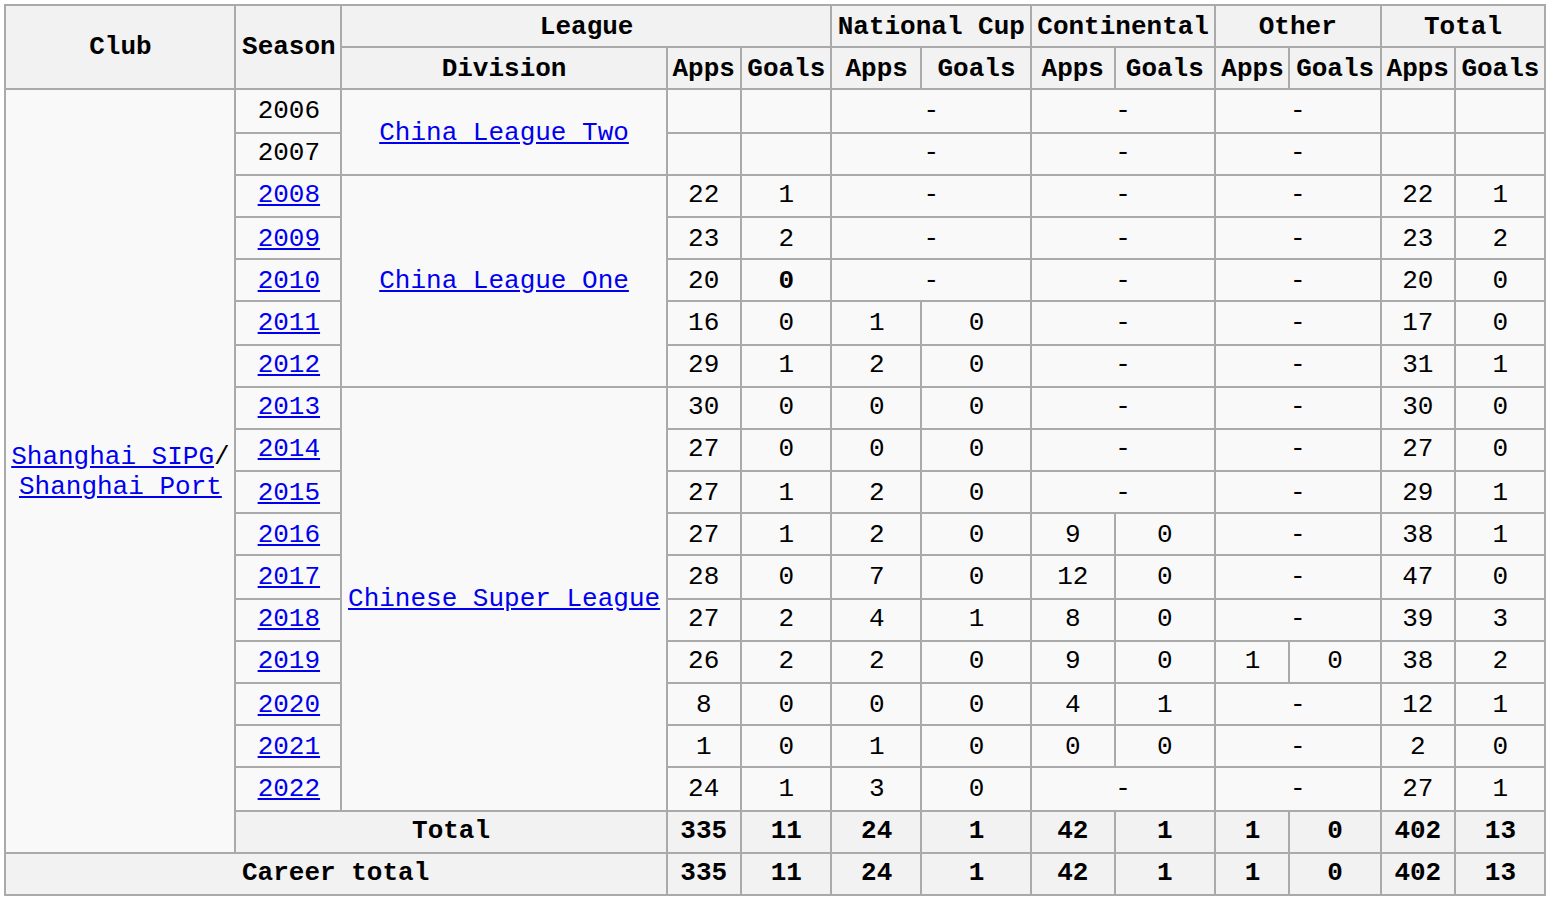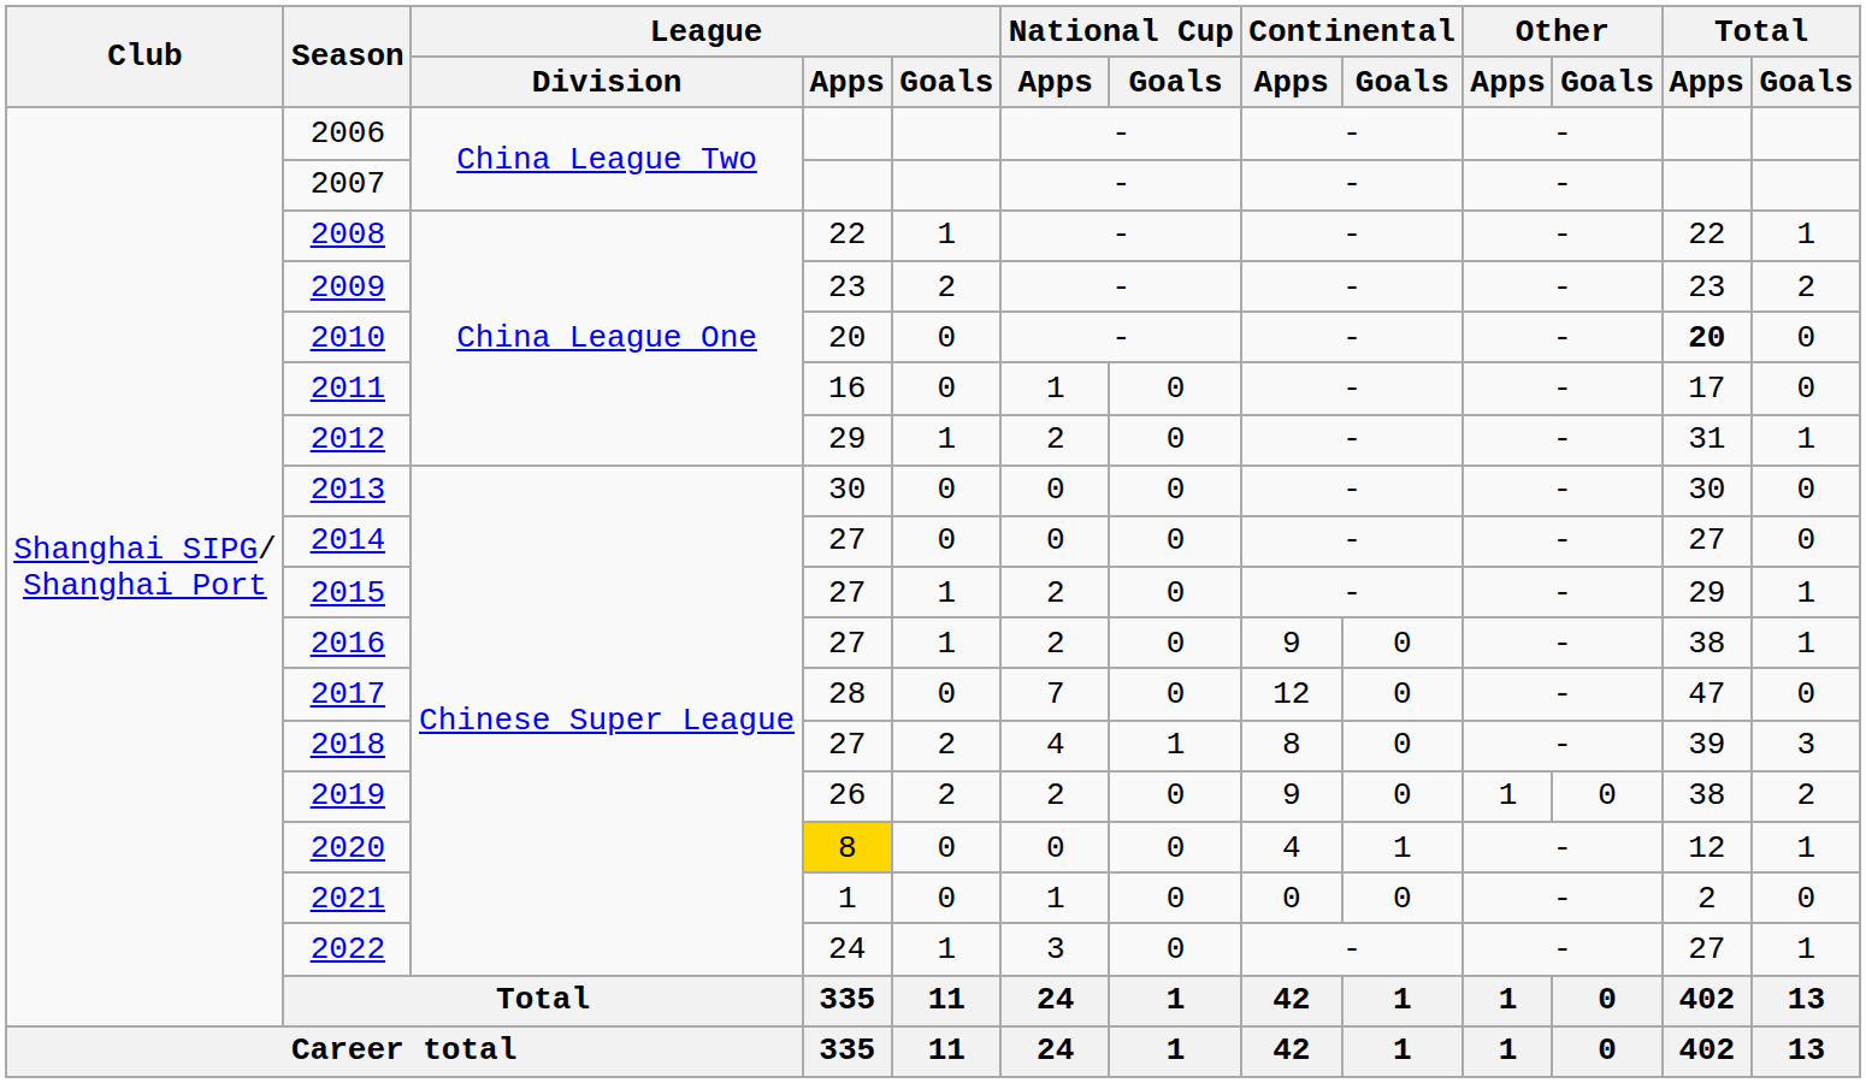 <table class="wikitable" style="text-align: center">
 <tr>
 <th rowspan="2">Club</th>
 <th rowspan="2">Season</th>
 <th colspan="3">League</th>
 <th colspan="2">National Cup</th>
 <th colspan="2">Continental</th>
 <th colspan="2">Other</th>
 <th colspan="2">Total</th>
 </tr>
 <tr>
 <th>Division</th>
 <th>Apps</th>
 <th>Goals</th>
 <th>Apps</th>
 <th>Goals</th>
 <th>Apps</th>
 <th>Goals</th>
 <th>Apps</th>
 <th>Goals</th>
 <th>Apps</th>
 <th>Goals</th>
 </tr>
 <tr>
 <td rowspan=18><a href='#'>Shanghai SIPG</a>/<br><a href='#'>Shanghai Port</a></td>
 <td>2006</td>
 <td rowspan="2"><a href='#'>China League Two</a></td>
 <td></td>
 <td></td>
 <td colspan="2">-</td>
 <td colspan="2">-</td>
 <td colspan="2">-</td>
 <td></td>
 <td></td>
 </tr>
 <tr>
 <td>2007</td>
 <td></td>
 <td></td>
 <td colspan="2">-</td>
 <td colspan="2">-</td>
 <td colspan="2">-</td>
 <td></td>
 <td></td>
 </tr>
 <tr>
 <td><a href='#'>2008</a></td>
 <td rowspan="5"><a href='#'>China League One</a></td>
 <td>22</td>
 <td>1</td>
 <td colspan="2">-</td>
 <td colspan="2">-</td>
 <td colspan="2">-</td>
 <td>22</td>
 <td>1</td>
 </tr>
 <tr>
 <td><a href='#'>2009</a></td>
 <td>23</td>
 <td>2</td>
 <td colspan="2">-</td>
 <td colspan="2">-</td>
 <td colspan="2">-</td>
 <td>23</td>
 <td>2</td>
 </tr>
 <tr>
 <td><a href='#'>2010</a></td>
 <td>20</td>
-<td><strong>0</strong></td>
+<td>0</td>
 <td colspan="2">-</td>
 <td colspan="2">-</td>
 <td colspan="2">-</td>
-<td>20</td>
+<td><strong>20</strong></td>
 <td>0</td>
 </tr>
 <tr>
 <td><a href='#'>2011</a></td>
 <td>16</td>
 <td>0</td>
 <td>1</td>
 <td>0</td>
 <td colspan="2">-</td>
 <td colspan="2">-</td>
 <td>17</td>
 <td>0</td>
 </tr>
 <tr>
 <td><a href='#'>2012</a></td>
 <td>29</td>
 <td>1</td>
 <td>2</td>
 <td>0</td>
 <td colspan="2">-</td>
 <td colspan="2">-</td>
 <td>31</td>
 <td>1</td>
 </tr>
 <tr>
 <td><a href='#'>2013</a></td>
 <td rowspan=10><a href='#'>Chinese Super League</a></td>
 <td>30</td>
 <td>0</td>
 <td>0</td>
 <td>0</td>
 <td colspan="2">-</td>
 <td colspan="2">-</td>
 <td>30</td>
 <td>0</td>
 </tr>
 <tr>
 <td><a href='#'>2014</a></td>
 <td>27</td>
 <td>0</td>
 <td>0</td>
 <td>0</td>
 <td colspan="2">-</td>
 <td colspan="2">-</td>
 <td>27</td>
 <td>0</td>
 </tr>
 <tr>
 <td><a href='#'>2015</a></td>
 <td>27</td>
 <td>1</td>
 <td>2</td>
 <td>0</td>
 <td colspan="2">-</td>
 <td colspan="2">-</td>
 <td>29</td>
 <td>1</td>
 </tr>
 <tr>
 <td><a href='#'>2016</a></td>
 <td>27</td>
 <td>1</td>
 <td>2</td>
 <td>0</td>
 <td>9</td>
 <td>0</td>
 <td colspan="2">-</td>
 <td>38</td>
 <td>1</td>
 </tr>
 <tr>
 <td><a href='#'>2017</a></td>
 <td>28</td>
 <td>0</td>
 <td>7</td>
 <td>0</td>
 <td>12</td>
 <td>0</td>
 <td colspan="2">-</td>
 <td>47</td>
 <td>0</td>
 </tr>
 <tr>
 <td><a href='#'>2018</a></td>
 <td>27</td>
 <td>2</td>
 <td>4</td>
 <td>1</td>
 <td>8</td>
 <td>0</td>
 <td colspan="2">-</td>
 <td>39</td>
 <td>3</td>
 </tr>
 <tr>
 <td><a href='#'>2019</a></td>
 <td>26</td>
 <td>2</td>
 <td>2</td>
 <td>0</td>
 <td>9</td>
 <td>0</td>
 <td>1</td>
 <td>0</td>
 <td>38</td>
 <td>2</td>
 </tr>
 <tr>
 <td><a href='#'>2020</a></td>
-<td>8</td>
+<td style="background: gold;">8</td>
 <td>0</td>
 <td>0</td>
 <td>0</td>
 <td>4</td>
 <td>1</td>
 <td colspan="2">-</td>
 <td>12</td>
 <td>1</td>
 </tr>
 <tr>
 <td><a href='#'>2021</a></td>
 <td>1</td>
 <td>0</td>
 <td>1</td>
 <td>0</td>
 <td>0</td>
 <td>0</td>
 <td colspan="2">-</td>
 <td>2</td>
 <td>0</td>
 </tr>
 <tr>
 <td><a href='#'>2022</a></td>
 <td>24</td>
 <td>1</td>
 <td>3</td>
 <td>0</td>
 <td colspan="2">-</td>
 <td colspan="2">-</td>
 <td>27</td>
 <td>1</td>
 </tr>
 <tr>
 <th colspan=2>Total</th>
 <th>335</th>
 <th>11</th>
 <th>24</th>
 <th>1</th>
 <th>42</th>
 <th>1</th>
 <th>1</th>
 <th>0</th>
 <th>402</th>
 <th>13</th>
 </tr>
 <tr>
 <th colspan=3>Career total</th>
 <th>335</th>
 <th>11</th>
 <th>24</th>
 <th>1</th>
 <th>42</th>
 <th>1</th>
 <th>1</th>
 <th>0</th>
 <th>402</th>
 <th>13</th>
 </tr>
 </table>
